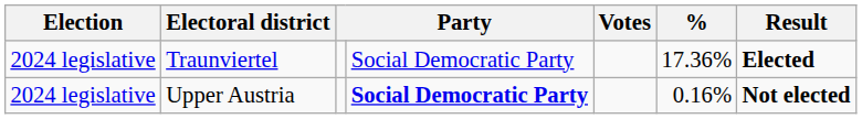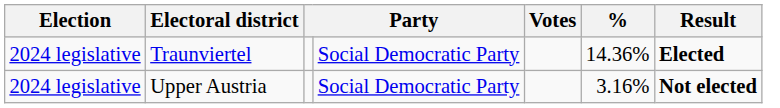 <table class="wikitable" style="text-align:left;">
 <tr>
 <th scope=col>Election</th>
 <th scope=col>Electoral district</th>
 <th scope=col colspan="2">Party</th>
 <th scope=col>Votes</th>
 <th scope=col>%</th>
 <th scope=col>Result</th>
 </tr>
 <tr>
 <td><a href='#'>2024 legislative</a></td>
 <td><a href='#'>Traunviertel</a></td>
 <td style="background:"></td>
 <td><a href='#'>Social Democratic Party</a></td>
 <td align=right></td>
-<td align=right>17.36%</td>
+<td align=right>14.36%</td>
 <td><strong>Elected</strong></td>
 </tr>
 <tr>
 <td><a href='#'>2024 legislative</a></td>
 <td>Upper Austria</td>
 <td style="background:"></td>
-<td><strong><a href='#'>Social Democratic Party</a></strong></td>
+<td><a href='#'>Social Democratic Party</a></td>
 <td align=right></td>
-<td align=right>0.16%</td>
+<td align=right>3.16%</td>
 <td><strong>Not elected</strong></td>
 </tr>
 </table>
